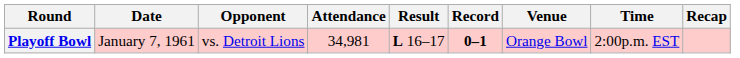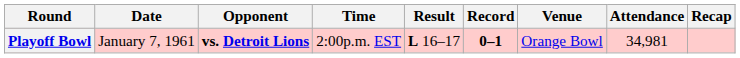 <table class="wikitable" style="text-align:center">
 <tr>
 <th>Round</th>
 <th>Date</th>
 <th>Opponent</th>
-<th>Attendance</th>
+<th>Time</th>
 <th>Result</th>
 <th>Record</th>
 <th>Venue</th>
-<th>Time</th>
+<th>Attendance</th>
 <th>Recap</th>
 </tr>
 <tr style="background:#fcc">
 <th><a href='#'>Playoff Bowl</a></th>
 <td>January 7, 1961</td>
-<td>vs. <a href='#'>Detroit Lions</a></td>
-<td>34,981</td>
+<td><strong>vs. <a href='#'>Detroit Lions</a></strong></td>
+<td>2:00p.m. <a href='#'>EST</a></td>
 <td><strong>L</strong> 16–17</td>
 <td><strong>0–1</strong></td>
 <td><a href='#'>Orange Bowl</a></td>
-<td>2:00p.m. <a href='#'>EST</a></td>
+<td>34,981</td>
 <td></td>
 </tr>
 </table>
